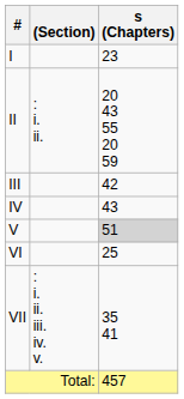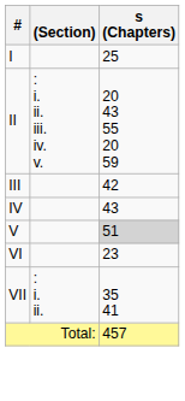 <table class="wikitable">
 <tr>
 <th style="align:center">#</th>
 <th><br>(Section)</th>
 <th>s<br>(Chapters)</th>
 </tr>
 <tr>
 <td>I</td>
 <td></td>
-<td>23</td>
+<td>25</td>
 </tr>
 <tr>
 <td>II</td>
-<td>:<br>i. <br>ii. </td>
+<td>:<br>i. <br>ii. <br>iii. <br>iv. <br>v. </td>
 <td><br>20<br>43<br>55<br>20<br>59</td>
 </tr>
 <tr>
 <td>III</td>
 <td></td>
 <td>42</td>
 </tr>
 <tr>
 <td>IV</td>
 <td></td>
 <td>43</td>
 </tr>
 <tr>
 <td>V</td>
 <td></td>
 <td style="background: lightgrey;">51</td>
 </tr>
 <tr>
 <td>VI</td>
 <td></td>
-<td>25</td>
+<td>23</td>
 </tr>
 <tr>
 <td>VII</td>
-<td>:<br>i. <br>ii. <br>iii. <br>iv. <br>v. </td>
+<td>:<br>i. <br>ii. </td>
 <td><br>35<br>41</td>
 </tr>
 <tr>
 <td colspan="2" align="right" bgcolor="fff999">Total:</td>
 <td bgcolor="fff999">457</td>
 </tr>
 </table>
